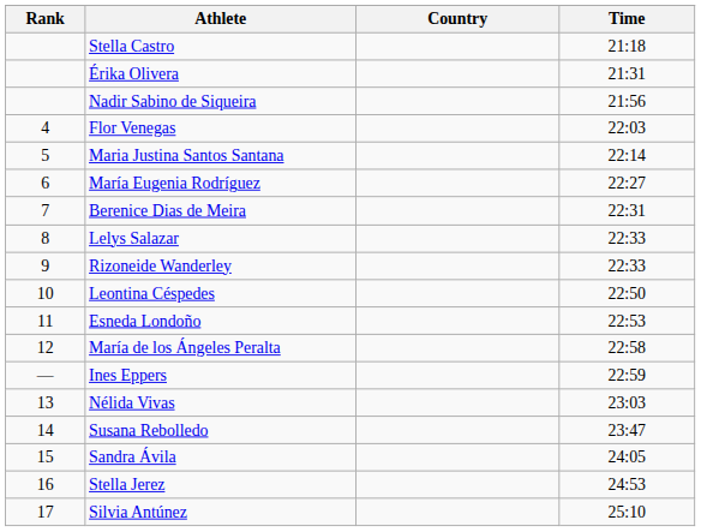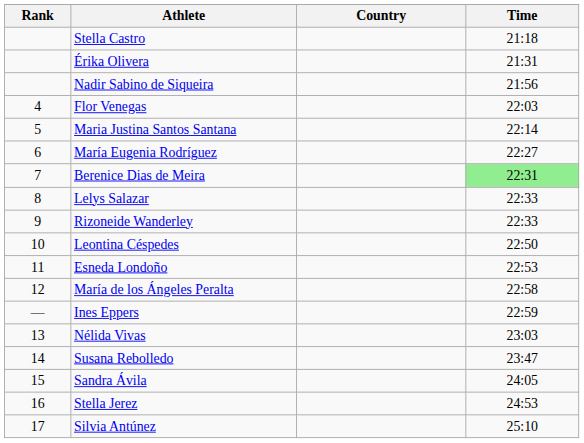 <table class="wikitable sortable" style=" text-align:center; font-size:95%;" width="50%">
 <tr>
 </tr>
 <tr>
 <th width=5%>Rank</th>
 <th width=20%>Athlete</th>
 <th width=15%>Country</th>
 <th width=10%>Time</th>
 </tr>
 <tr>
 <td align=center></td>
 <td align=left><a href='#'>Stella Castro</a></td>
 <td align=left></td>
 <td>21:18</td>
 </tr>
 <tr>
 <td align=center></td>
 <td align=left><a href='#'>Érika Olivera</a></td>
 <td align=left></td>
 <td>21:31</td>
 </tr>
 <tr>
 <td align=center></td>
 <td align=left><a href='#'>Nadir Sabino de Siqueira</a></td>
 <td align=left></td>
 <td>21:56</td>
 </tr>
 <tr>
 <td align=center>4</td>
 <td align=left><a href='#'>Flor Venegas</a></td>
 <td align=left></td>
 <td>22:03</td>
 </tr>
 <tr>
 <td align=center>5</td>
 <td align=left><a href='#'>Maria Justina Santos Santana</a></td>
 <td align=left></td>
 <td>22:14</td>
 </tr>
 <tr>
 <td align=center>6</td>
 <td align=left><a href='#'>María Eugenia Rodríguez</a></td>
 <td align=left></td>
 <td>22:27</td>
 </tr>
 <tr>
 <td align=center>7</td>
 <td align=left><a href='#'>Berenice Dias de Meira</a></td>
 <td align=left></td>
-<td>22:31</td>
+<td style="background: lightgreen;">22:31</td>
 </tr>
 <tr>
 <td align=center>8</td>
 <td align=left><a href='#'>Lelys Salazar</a></td>
 <td align=left></td>
 <td>22:33</td>
 </tr>
 <tr>
 <td align=center>9</td>
 <td align=left><a href='#'>Rizoneide Wanderley</a></td>
 <td align=left></td>
 <td>22:33</td>
 </tr>
 <tr>
 <td align=center>10</td>
 <td align=left><a href='#'>Leontina Céspedes</a></td>
 <td align=left></td>
 <td>22:50</td>
 </tr>
 <tr>
 <td align=center>11</td>
 <td align=left><a href='#'>Esneda Londoño</a></td>
 <td align=left></td>
 <td>22:53</td>
 </tr>
 <tr>
 <td align=center>12</td>
 <td align=left><a href='#'>María de los Ángeles Peralta</a></td>
 <td align=left></td>
 <td>22:58</td>
 </tr>
 <tr>
 <td align=center>—</td>
 <td align=left><a href='#'>Ines Eppers</a></td>
 <td align=left></td>
 <td>22:59</td>
 </tr>
 <tr>
 <td align=center>13</td>
 <td align=left><a href='#'>Nélida Vivas</a></td>
 <td align=left></td>
 <td>23:03</td>
 </tr>
 <tr>
 <td align=center>14</td>
 <td align=left><a href='#'>Susana Rebolledo</a></td>
 <td align=left></td>
 <td>23:47</td>
 </tr>
 <tr>
 <td align=center>15</td>
 <td align=left><a href='#'>Sandra Ávila</a></td>
 <td align=left></td>
 <td>24:05</td>
 </tr>
 <tr>
 <td align=center>16</td>
 <td align=left><a href='#'>Stella Jerez</a></td>
 <td align=left></td>
 <td>24:53</td>
 </tr>
 <tr>
 <td align=center>17</td>
 <td align=left><a href='#'>Silvia Antúnez</a></td>
 <td align=left></td>
 <td>25:10</td>
 </tr>
 </table>
